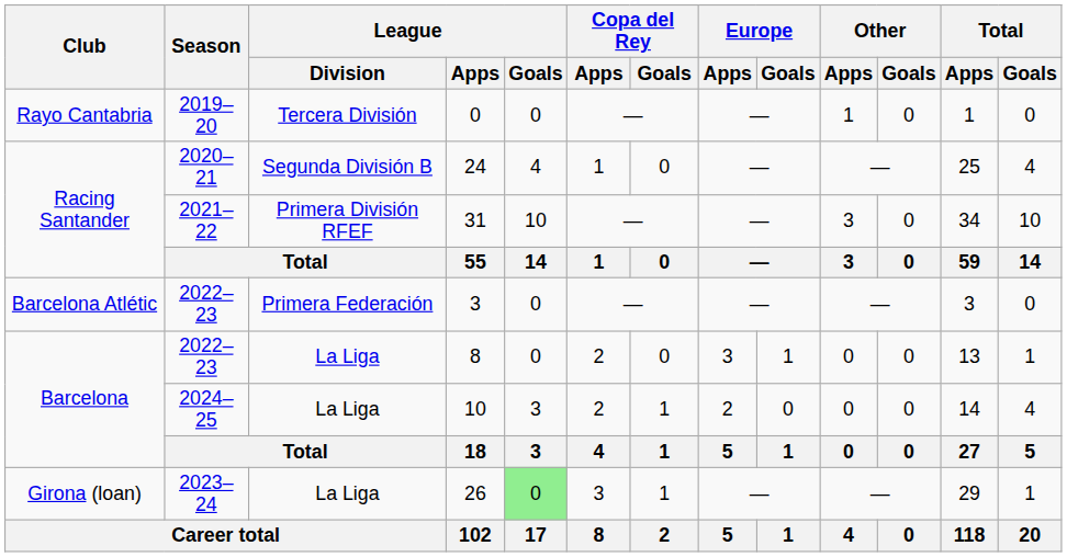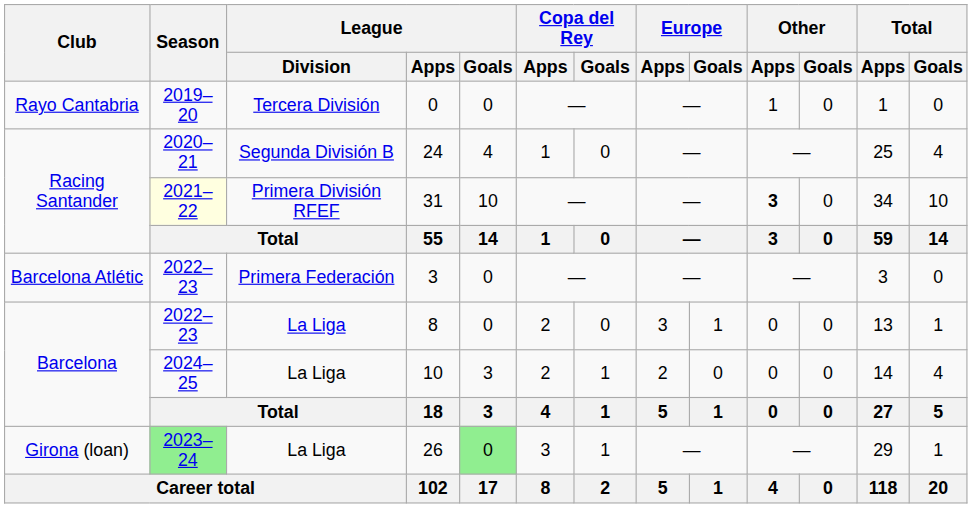 <table class=wikitable style="text-align:center">
 <tr>
 <th rowspan="2">Club</th>
 <th rowspan="2">Season</th>
 <th colspan="3">League</th>
 <th colspan="2"><a href='#'>Copa del Rey</a></th>
 <th colspan="2"><a href='#'>Europe</a></th>
 <th colspan="2">Other</th>
 <th colspan="2">Total</th>
 </tr>
 <tr>
 <th>Division</th>
 <th>Apps</th>
 <th>Goals</th>
 <th>Apps</th>
 <th>Goals</th>
 <th>Apps</th>
 <th>Goals</th>
 <th>Apps</th>
 <th>Goals</th>
 <th>Apps</th>
 <th>Goals</th>
 </tr>
 <tr>
 <td><a href='#'>Rayo Cantabria</a></td>
 <td><a href='#'>2019–20</a></td>
 <td><a href='#'>Tercera División</a></td>
 <td>0</td>
 <td>0</td>
 <td colspan="2">—</td>
 <td colspan="2">—</td>
 <td>1</td>
 <td>0</td>
 <td>1</td>
 <td>0</td>
 </tr>
 <tr>
 <td rowspan="3"><a href='#'>Racing Santander</a></td>
 <td><a href='#'>2020–21</a></td>
 <td><a href='#'>Segunda División B</a></td>
 <td>24</td>
 <td>4</td>
 <td>1</td>
 <td>0</td>
 <td colspan="2">—</td>
 <td colspan="2">—</td>
 <td>25</td>
 <td>4</td>
 </tr>
 <tr>
-<td><a href='#'>2021–22</a></td>
+<td style="background: lightyellow;"><a href='#'>2021–22</a></td>
 <td><a href='#'>Primera División RFEF</a></td>
 <td>31</td>
 <td>10</td>
 <td colspan="2">—</td>
 <td colspan="2">—</td>
-<td>3</td>
+<td><strong>3</strong></td>
 <td>0</td>
 <td>34</td>
 <td>10</td>
 </tr>
 <tr>
 <th colspan="2">Total</th>
 <th>55</th>
 <th>14</th>
 <th>1</th>
 <th>0</th>
 <th colspan="2">—</th>
 <th>3</th>
 <th>0</th>
 <th>59</th>
 <th>14</th>
 </tr>
 <tr>
 <td><a href='#'>Barcelona Atlétic</a></td>
 <td><a href='#'>2022–23</a></td>
 <td><a href='#'>Primera Federación</a></td>
 <td>3</td>
 <td>0</td>
 <td colspan="2">—</td>
 <td colspan="2">—</td>
 <td colspan="2">—</td>
 <td>3</td>
 <td>0</td>
 </tr>
 <tr>
 <td rowspan="3"><a href='#'>Barcelona</a></td>
 <td><a href='#'>2022–23</a></td>
 <td><a href='#'>La Liga</a></td>
 <td>8</td>
 <td>0</td>
 <td>2</td>
 <td>0</td>
 <td>3</td>
 <td>1</td>
 <td>0</td>
 <td>0</td>
 <td>13</td>
 <td>1</td>
 </tr>
 <tr>
 <td><a href='#'>2024–25</a></td>
 <td>La Liga</td>
 <td>10</td>
 <td>3</td>
 <td>2</td>
 <td>1</td>
 <td>2</td>
 <td>0</td>
 <td>0</td>
 <td>0</td>
 <td>14</td>
 <td>4</td>
 </tr>
 <tr>
 <th colspan="2">Total</th>
 <th>18</th>
 <th>3</th>
 <th>4</th>
 <th>1</th>
 <th>5</th>
 <th>1</th>
 <th>0</th>
 <th>0</th>
 <th>27</th>
 <th>5</th>
 </tr>
 <tr>
 <td><a href='#'>Girona</a> (loan)</td>
-<td><a href='#'>2023–24</a></td>
+<td style="background: lightgreen;"><a href='#'>2023–24</a></td>
 <td>La Liga</td>
 <td>26</td>
 <td style="background: lightgreen;">0</td>
 <td>3</td>
 <td>1</td>
 <td colspan="2">—</td>
 <td colspan="2">—</td>
 <td>29</td>
 <td>1</td>
 </tr>
 <tr>
 <th colspan="3">Career total</th>
 <th>102</th>
 <th>17</th>
 <th>8</th>
 <th>2</th>
 <th>5</th>
 <th>1</th>
 <th>4</th>
 <th>0</th>
 <th>118</th>
 <th>20</th>
 </tr>
 </table>
